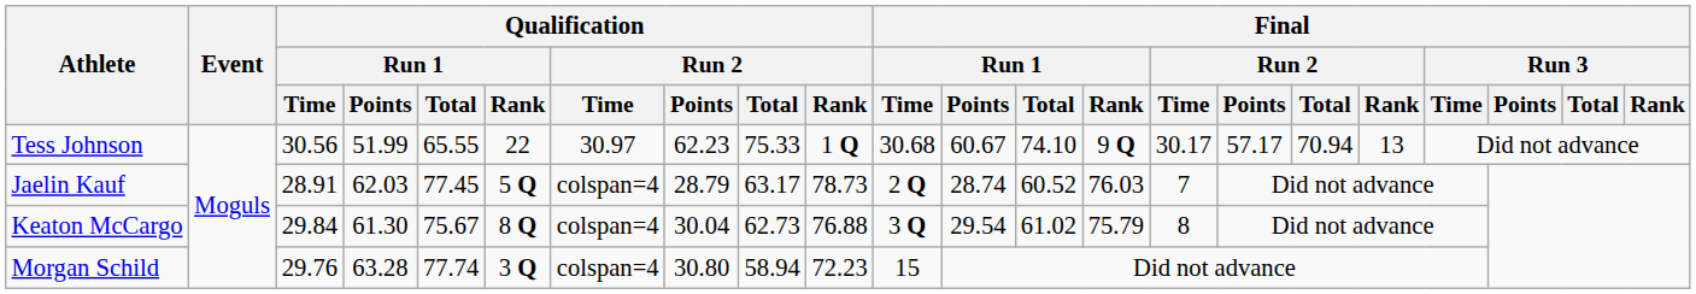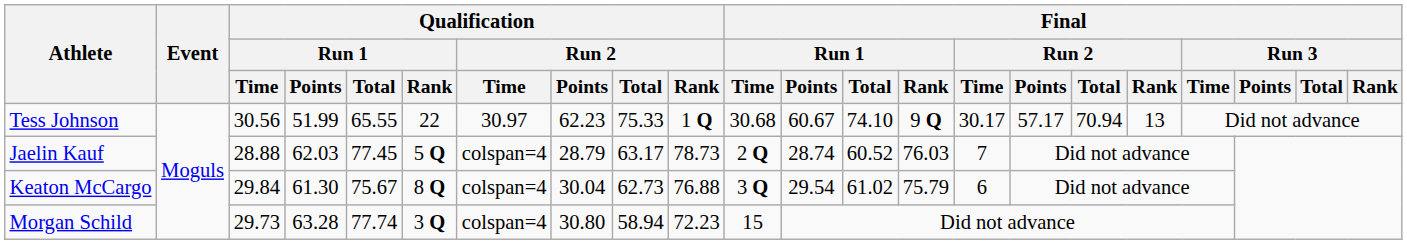 <table class=wikitable style=font-size:90%;text-align:center>
 <tr>
 <th rowspan=3>Athlete</th>
 <th rowspan=3>Event</th>
 <th colspan=8>Qualification</th>
 <th colspan=12>Final</th>
 </tr>
 <tr style=font-size:95%>
 <th colspan=4>Run 1</th>
 <th colspan=4>Run 2</th>
 <th colspan=4>Run 1</th>
 <th colspan=4>Run 2</th>
 <th colspan=4>Run 3</th>
 </tr>
 <tr style=font-size:95%>
 <th>Time</th>
 <th>Points</th>
 <th>Total</th>
 <th>Rank</th>
 <th>Time</th>
 <th>Points</th>
 <th>Total</th>
 <th>Rank</th>
 <th>Time</th>
 <th>Points</th>
 <th>Total</th>
 <th>Rank</th>
 <th>Time</th>
 <th>Points</th>
 <th>Total</th>
 <th>Rank</th>
 <th>Time</th>
 <th>Points</th>
 <th>Total</th>
 <th>Rank</th>
 </tr>
 <tr>
 <td align=left><a href='#'>Tess Johnson</a></td>
 <td style="text-align:left;" rowspan="4"><a href='#'>Moguls</a></td>
 <td>30.56</td>
 <td>51.99</td>
 <td>65.55</td>
 <td>22</td>
 <td>30.97</td>
 <td>62.23</td>
 <td>75.33</td>
 <td>1 <strong>Q</strong></td>
 <td>30.68</td>
 <td>60.67</td>
 <td>74.10</td>
 <td>9 <strong>Q</strong></td>
 <td>30.17</td>
 <td>57.17</td>
 <td>70.94</td>
 <td>13</td>
 <td colspan=4>Did not advance</td>
 </tr>
 <tr>
 <td align=left><a href='#'>Jaelin Kauf</a></td>
-<td>28.91</td>
+<td>28.88</td>
 <td>62.03</td>
 <td>77.45</td>
 <td>5 <strong>Q</strong></td>
 <td>colspan=4 </td>
 <td>28.79</td>
 <td>63.17</td>
 <td>78.73</td>
 <td>2 <strong>Q</strong></td>
 <td>28.74</td>
 <td>60.52</td>
 <td>76.03</td>
 <td>7</td>
 <td colspan=4>Did not advance</td>
 </tr>
 <tr>
 <td align=left><a href='#'>Keaton McCargo</a></td>
 <td>29.84</td>
 <td>61.30</td>
 <td>75.67</td>
 <td>8 <strong>Q</strong></td>
 <td>colspan=4 </td>
 <td>30.04</td>
 <td>62.73</td>
 <td>76.88</td>
 <td>3 <strong>Q</strong></td>
 <td>29.54</td>
 <td>61.02</td>
 <td>75.79</td>
-<td>8</td>
+<td>6</td>
 <td colspan=4>Did not advance</td>
 </tr>
 <tr>
 <td align=left><a href='#'>Morgan Schild</a></td>
-<td>29.76</td>
+<td>29.73</td>
 <td>63.28</td>
 <td>77.74</td>
 <td>3 <strong>Q</strong></td>
 <td>colspan=4 </td>
 <td>30.80</td>
 <td>58.94</td>
 <td>72.23</td>
 <td>15</td>
 <td colspan=8>Did not advance</td>
 </tr>
 </table>
